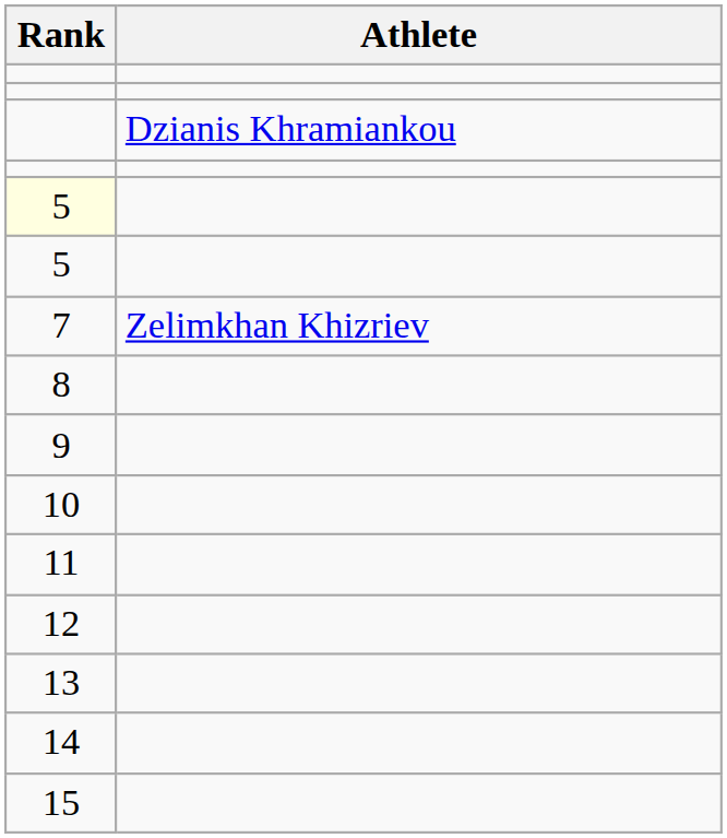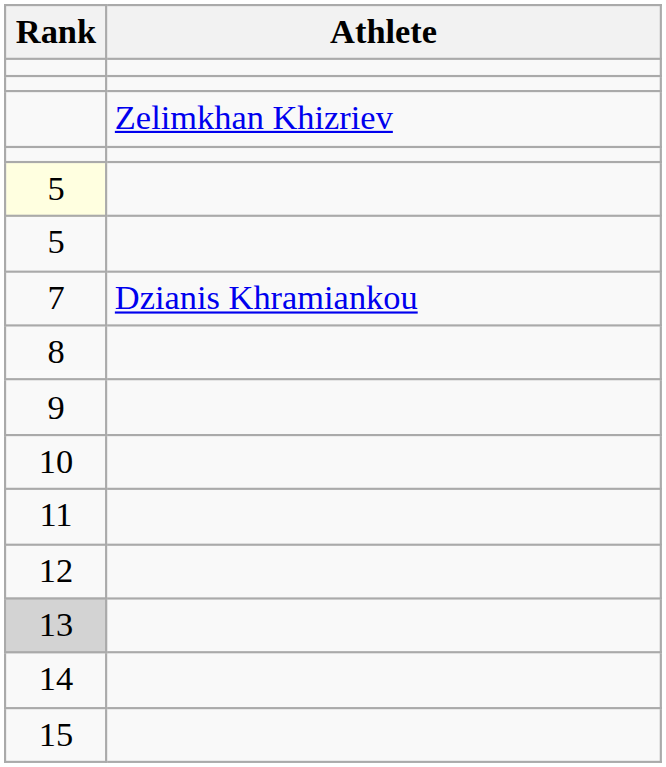 <table class="wikitable" style="text-align: center;">
 <tr>
 <th width=40>Rank</th>
 <th width=250>Athlete</th>
 </tr>
 <tr>
 <td></td>
 <td align="left"></td>
 </tr>
 <tr>
 <td></td>
 <td align="left"></td>
 </tr>
 <tr>
 <td></td>
-<td align="left"> <a href='#'>Dzianis Khramiankou</a> </td>
+<td align="left"> <a href='#'>Zelimkhan Khizriev</a> </td>
 </tr>
 <tr>
 <td></td>
 <td align="left"></td>
 </tr>
 <tr>
 <td style="background: lightyellow;">5</td>
 <td align="left"></td>
 </tr>
 <tr>
 <td>5</td>
 <td align="left"></td>
 </tr>
 <tr>
 <td>7</td>
-<td align="left"> <a href='#'>Zelimkhan Khizriev</a> </td>
+<td align="left"> <a href='#'>Dzianis Khramiankou</a> </td>
 </tr>
 <tr>
 <td>8</td>
 <td align="left"></td>
 </tr>
 <tr>
 <td>9</td>
 <td align="left"></td>
 </tr>
 <tr>
 <td>10</td>
 <td align="left"></td>
 </tr>
 <tr>
 <td>11</td>
 <td align="left"></td>
 </tr>
 <tr>
 <td>12</td>
 <td align="left"></td>
 </tr>
 <tr>
-<td>13</td>
+<td style="background: lightgrey;">13</td>
 <td align="left"></td>
 </tr>
 <tr>
 <td>14</td>
 <td align="left"></td>
 </tr>
 <tr>
 <td>15</td>
 <td align="left"></td>
 </tr>
 </table>
